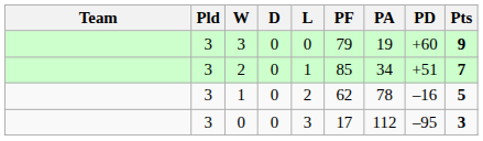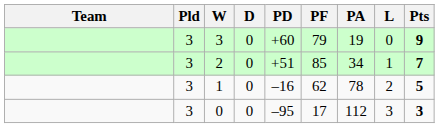 <table class="wikitable" style="text-align:center;">
 <tr>
 <th width=175>Team</th>
 <th width=25 abbr="Played">Pld</th>
 <th width=25 abbr="Won">W</th>
 <th width=25 abbr="Drawn">D</th>
-<th width=25 abbr="Lost">L</th>
+<th width=32 abbr="Points difference">PD</th>
 <th width=32 abbr="Points for">PF</th>
 <th width=32 abbr="Points against">PA</th>
-<th width=32 abbr="Points difference">PD</th>
+<th width=25 abbr="Lost">L</th>
 <th width=25 abbr="Points">Pts</th>
 </tr>
 <tr bgcolor=ccffcc>
 <td align=left></td>
 <td>3</td>
 <td>3</td>
 <td>0</td>
-<td>0</td>
+<td>+60</td>
 <td>79</td>
 <td>19</td>
-<td>+60</td>
+<td>0</td>
 <td><strong>9</strong></td>
 </tr>
 <tr bgcolor=ccffcc>
 <td align=left></td>
 <td>3</td>
 <td>2</td>
 <td>0</td>
-<td>1</td>
+<td>+51</td>
 <td>85</td>
 <td>34</td>
-<td>+51</td>
+<td>1</td>
 <td><strong>7</strong></td>
 </tr>
 <tr>
 <td align=left></td>
 <td>3</td>
 <td>1</td>
 <td>0</td>
-<td>2</td>
+<td>–16</td>
 <td>62</td>
 <td>78</td>
-<td>–16</td>
+<td>2</td>
 <td><strong>5</strong></td>
 </tr>
 <tr>
 <td align=left></td>
 <td>3</td>
 <td>0</td>
 <td>0</td>
-<td>3</td>
+<td>–95</td>
 <td>17</td>
 <td>112</td>
-<td>–95</td>
+<td>3</td>
 <td><strong>3</strong></td>
 </tr>
 </table>
